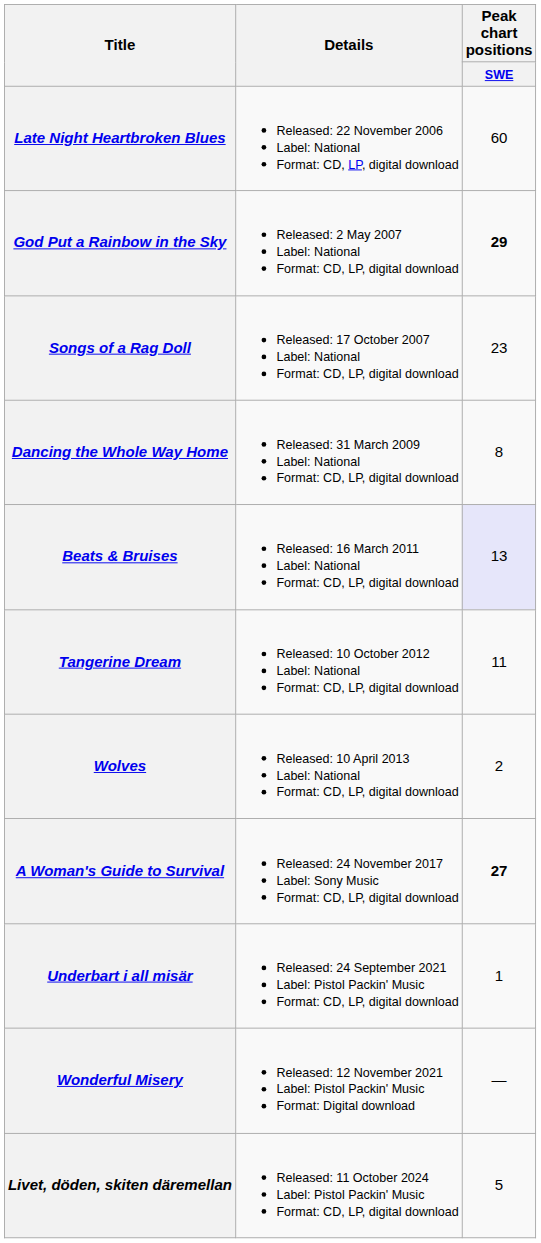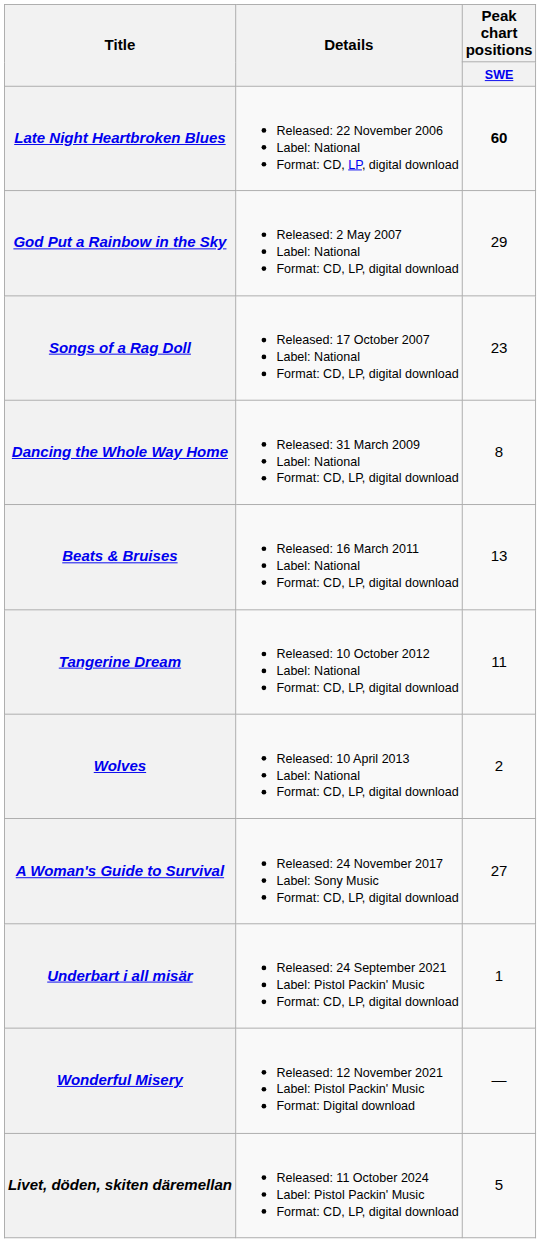 <table class="wikitable plainrowheaders">
 <tr>
 <th scope="col" rowspan="2">Title</th>
 <th scope="col" rowspan="2">Details</th>
 <th scope="col">Peak chart positions</th>
 </tr>
 <tr>
 <th scope="col" width="45"><small><a href='#'>SWE</a></small><br></th>
 </tr>
 <tr>
 <th scope="row"><em><a href='#'>Late Night Heartbroken Blues</a></em></th>
 <td><br><ul><li><small>Released: 22 November 2006</small></li><li><small>Label: National</small></li><li><small>Format: CD, <a href='#'>LP</a>, digital download</small></li></ul></td>
-<td style="text-align:center;">60</td>
+<td style="text-align:center;"><strong>60</strong></td>
 </tr>
 <tr>
 <th scope="row"><em><a href='#'>God Put a Rainbow in the Sky</a></em></th>
 <td><br><ul><li><small>Released: 2 May 2007</small></li><li><small>Label: National</small></li><li><small>Format: CD, LP, digital download</small></li></ul></td>
-<td style="text-align:center;"><strong>29</strong></td>
+<td style="text-align:center;">29</td>
 </tr>
 <tr>
 <th scope="row"><em><a href='#'>Songs of a Rag Doll</a></em></th>
 <td><br><ul><li><small>Released: 17 October 2007</small></li><li><small>Label: National</small></li><li><small>Format: CD, LP, digital download</small></li></ul></td>
 <td style="text-align:center;">23</td>
 </tr>
 <tr>
 <th scope="row"><em><a href='#'>Dancing the Whole Way Home</a></em></th>
 <td><br><ul><li><small>Released: 31 March 2009</small></li><li><small>Label: National</small></li><li><small>Format: CD, LP, digital download</small></li></ul></td>
 <td style="text-align:center;">8</td>
 </tr>
 <tr>
 <th scope="row"><em><a href='#'>Beats & Bruises</a></em></th>
 <td><br><ul><li><small>Released: 16 March 2011</small></li><li><small>Label: National</small></li><li><small>Format: CD, LP, digital download</small></li></ul></td>
-<td style="background: lavender; text-align:center;">13</td>
+<td style="text-align:center;">13</td>
 </tr>
 <tr>
 <th scope="row"><em><a href='#'>Tangerine Dream</a></em></th>
 <td><br><ul><li><small>Released: 10 October 2012</small></li><li><small>Label: National</small></li><li><small>Format: CD, LP, digital download</small></li></ul></td>
 <td style="text-align:center;">11</td>
 </tr>
 <tr>
 <th scope="row"><em><a href='#'>Wolves</a></em></th>
 <td><br><ul><li><small>Released: 10 April 2013</small></li><li><small>Label: National</small></li><li><small>Format: CD, LP, digital download</small></li></ul></td>
 <td style="text-align:center;">2</td>
 </tr>
 <tr>
 <th scope="row"><em><a href='#'>A Woman's Guide to Survival</a></em></th>
 <td><br><ul><li><small>Released: 24 November 2017</small></li><li><small>Label: Sony Music</small></li><li><small>Format: CD, LP, digital download</small></li></ul></td>
-<td style="text-align:center;"><strong>27</strong></td>
+<td style="text-align:center;">27</td>
 </tr>
 <tr>
 <th scope="row"><em><a href='#'>Underbart i all misär</a></em></th>
 <td><br><ul><li><small>Released: 24 September 2021</small></li><li><small>Label: Pistol Packin' Music</small></li><li><small>Format: CD, LP, digital download</small></li></ul></td>
 <td style="text-align:center;">1</td>
 </tr>
 <tr>
 <th scope="row"><em><a href='#'>Wonderful Misery</a></em></th>
 <td><br><ul><li><small>Released: 12 November 2021</small></li><li><small>Label: Pistol Packin' Music</small></li><li><small>Format: Digital download</small></li></ul></td>
 <td style="text-align:center;">—</td>
 </tr>
 <tr>
 <th scope="row"><em>Livet, döden, skiten däremellan</em></th>
 <td><br><ul><li><small>Released: 11 October 2024</small></li><li><small>Label: Pistol Packin' Music</small></li><li><small>Format: CD, LP, digital download </small></li></ul></td>
 <td style="text-align:center;">5<br></td>
 </tr>
 </table>
